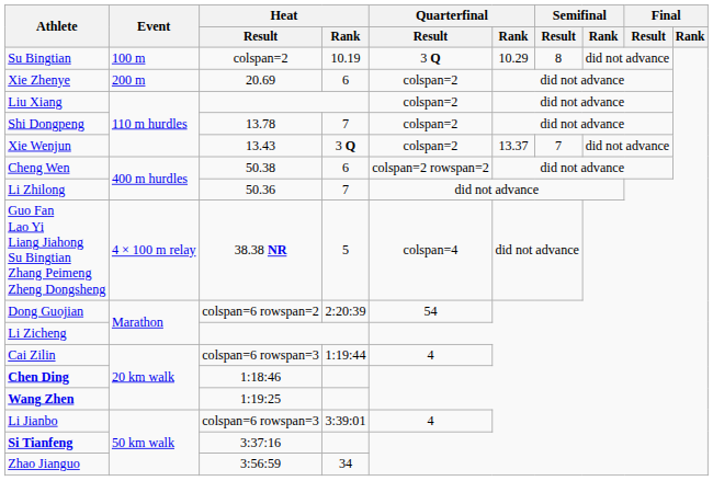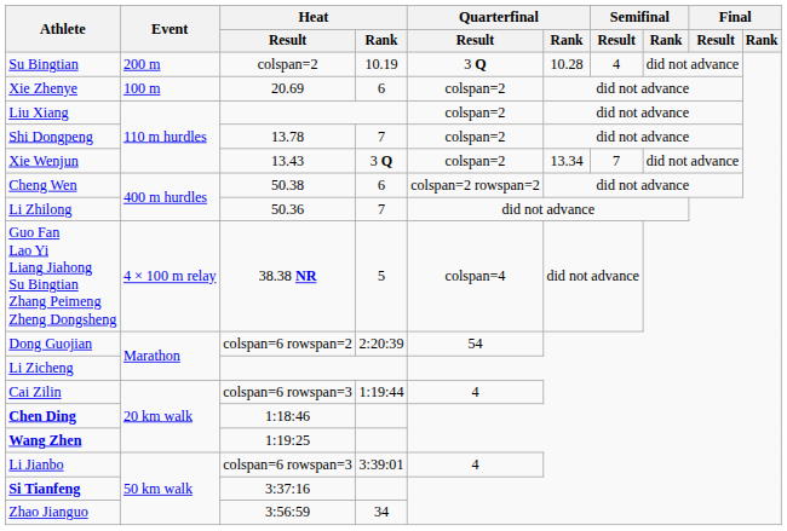 <table class="wikitable" style="font-size:90%">
 <tr>
 <th rowspan="2">Athlete</th>
 <th rowspan="2">Event</th>
 <th colspan="2">Heat</th>
 <th colspan="2">Quarterfinal</th>
 <th colspan="2">Semifinal</th>
 <th colspan="2">Final</th>
 </tr>
 <tr style="font-size:95%">
 <th>Result</th>
 <th>Rank</th>
 <th>Result</th>
 <th>Rank</th>
 <th>Result</th>
 <th>Rank</th>
 <th>Result</th>
 <th>Rank</th>
 </tr>
 <tr align=center>
 <td align=left><a href='#'>Su Bingtian</a></td>
-<td align=left><a href='#'>100 m</a></td>
+<td align=left><a href='#'>200 m</a></td>
 <td>colspan=2 </td>
 <td>10.19</td>
 <td>3 <strong>Q</strong></td>
-<td>10.29</td>
-<td>8</td>
+<td>10.28</td>
+<td>4</td>
 <td colspan="2">did not advance</td>
 </tr>
 <tr align=center>
 <td align=left><a href='#'>Xie Zhenye</a></td>
-<td align=left><a href='#'>200 m</a></td>
+<td align=left><a href='#'>100 m</a></td>
 <td>20.69</td>
 <td>6</td>
 <td>colspan=2 </td>
 <td colspan=4>did not advance</td>
 </tr>
 <tr align=center>
 <td align=left><a href='#'>Liu Xiang</a></td>
 <td align=left rowspan=3><a href='#'>110 m hurdles</a></td>
 <td colspan=2></td>
 <td>colspan=2 </td>
 <td colspan=4>did not advance</td>
 </tr>
 <tr align=center>
 <td align=left><a href='#'>Shi Dongpeng</a></td>
 <td>13.78</td>
 <td>7</td>
 <td>colspan=2 </td>
 <td colspan=4>did not advance</td>
 </tr>
 <tr align=center>
 <td align=left><a href='#'>Xie Wenjun</a></td>
 <td>13.43</td>
 <td>3 <strong>Q</strong></td>
 <td>colspan=2 </td>
-<td>13.37</td>
+<td>13.34</td>
 <td>7</td>
 <td colspan=2>did not advance</td>
 </tr>
 <tr align=center>
 <td align=left><a href='#'>Cheng Wen</a></td>
 <td align=left rowspan=2><a href='#'>400 m hurdles</a></td>
 <td>50.38</td>
 <td>6</td>
 <td>colspan=2 rowspan=2 </td>
 <td colspan=4>did not advance</td>
 </tr>
 <tr align=center>
 <td align=left><a href='#'>Li Zhilong</a></td>
 <td>50.36</td>
 <td>7</td>
 <td colspan=4>did not advance</td>
 </tr>
 <tr align=center>
 <td align=left><a href='#'>Guo Fan</a><br><a href='#'>Lao Yi</a><br><a href='#'>Liang Jiahong</a><br><a href='#'>Su Bingtian</a><br><a href='#'>Zhang Peimeng</a><br><a href='#'>Zheng Dongsheng</a></td>
 <td align=left><a href='#'>4 × 100 m relay</a></td>
 <td>38.38 <strong><a href='#'>NR</a></strong></td>
 <td>5</td>
 <td>colspan=4 </td>
 <td colspan=2>did not advance</td>
 </tr>
 <tr align=center>
 <td align=left><a href='#'>Dong Guojian</a></td>
 <td align=left rowspan=2><a href='#'>Marathon</a></td>
 <td>colspan=6 rowspan=2 </td>
 <td>2:20:39</td>
 <td>54</td>
 </tr>
 <tr align=center>
 <td align=left><a href='#'>Li Zicheng</a></td>
 <td colspan=2></td>
 </tr>
 <tr align=center>
 <td align=left><a href='#'>Cai Zilin</a></td>
 <td align=left rowspan=3><a href='#'>20 km walk</a></td>
 <td>colspan=6 rowspan=3 </td>
 <td>1:19:44</td>
 <td>4</td>
 </tr>
 <tr align=center>
 <td align=left><strong><a href='#'>Chen Ding</a></strong></td>
 <td>1:18:46 </td>
 <td></td>
 </tr>
 <tr align=center>
 <td align=left><strong><a href='#'>Wang Zhen</a></strong></td>
 <td>1:19:25</td>
 <td></td>
 </tr>
 <tr align=center>
 <td align=left><a href='#'>Li Jianbo</a></td>
 <td align=left rowspan=3><a href='#'>50 km walk</a></td>
 <td>colspan=6 rowspan=3 </td>
 <td>3:39:01</td>
 <td>4</td>
 </tr>
 <tr align=center>
 <td align=left><strong><a href='#'>Si Tianfeng</a></strong></td>
 <td>3:37:16</td>
 <td></td>
 </tr>
 <tr align=center>
 <td align=left><a href='#'>Zhao Jianguo</a></td>
 <td>3:56:59</td>
 <td>34</td>
 </tr>
 </table>
